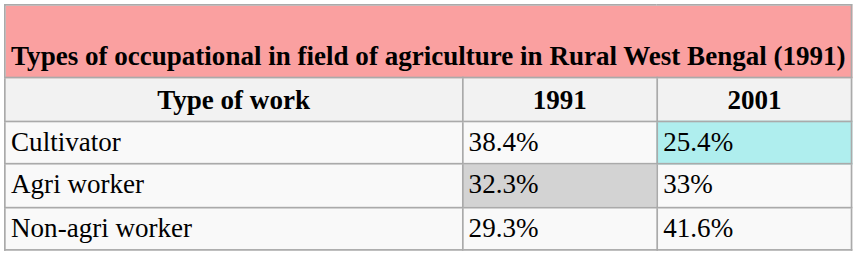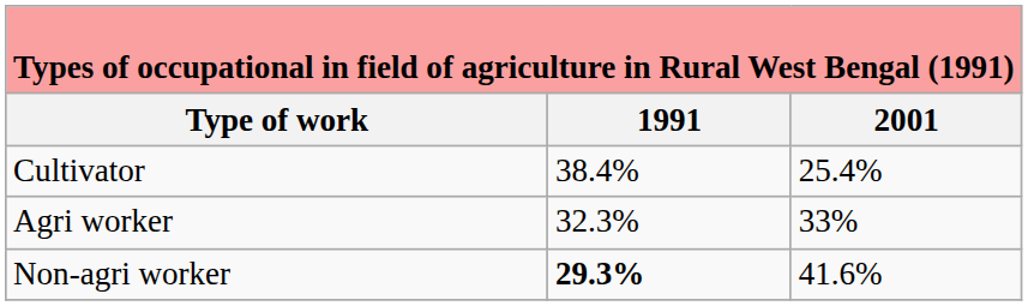 <table class="wikitable">
 <tr>
 <th colspan="8" style="background: #FAA0A0;"><br>Types of occupational in field of agriculture in Rural West Bengal (1991)</th>
 </tr>
 <tr>
 <th>Type of work</th>
 <th><strong>1991</strong></th>
 <th><strong>2001</strong></th>
 </tr>
 <tr>
 <td>Cultivator</td>
 <td>38.4%</td>
-<td style="background: paleturquoise;">25.4%</td>
+<td>25.4%</td>
 </tr>
 <tr>
 <td>Agri worker</td>
-<td style="background: lightgrey;">32.3%</td>
+<td>32.3%</td>
 <td>33%</td>
 </tr>
 <tr>
 <td>Non-agri worker</td>
-<td>29.3%</td>
+<td><strong>29.3%</strong></td>
 <td>41.6%</td>
 </tr>
 </table>
